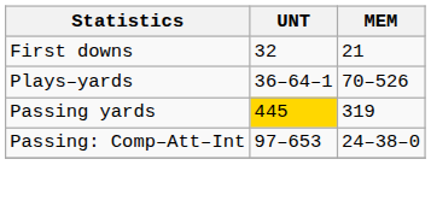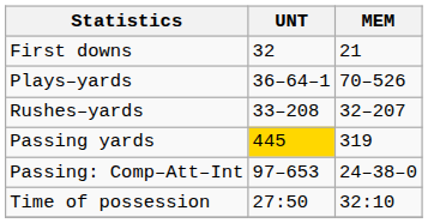 <table class="wikitable" style="float: left;">
 <tr>
 <th>Statistics</th>
 <th>UNT</th>
 <th>MEM</th>
 </tr>
 <tr>
 <td>First downs</td>
 <td>32</td>
 <td>21</td>
 </tr>
 <tr>
 <td>Plays–yards</td>
 <td>36–64–1</td>
 <td>70–526</td>
 </tr>
 <tr>
+<td>Rushes–yards</td>
+<td>33–208</td>
+<td>32–207</td>
+</tr>
+<tr>
 <td>Passing yards</td>
 <td style="background: gold;">445</td>
 <td>319</td>
 </tr>
 <tr>
 <td>Passing: Comp–Att–Int</td>
 <td>97–653</td>
 <td>24–38–0</td>
 </tr>
 <tr>
+<td>Time of possession</td>
+<td>27:50</td>
+<td>32:10</td>
+</tr>
+<tr>
 </tr>
 </table>
